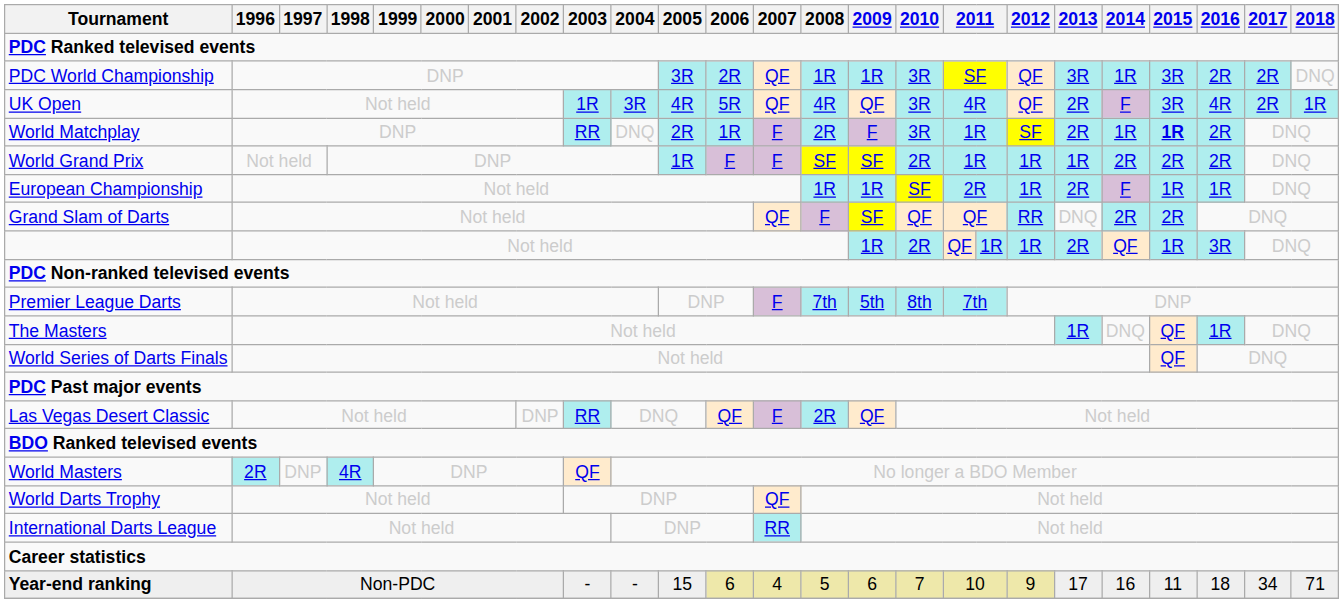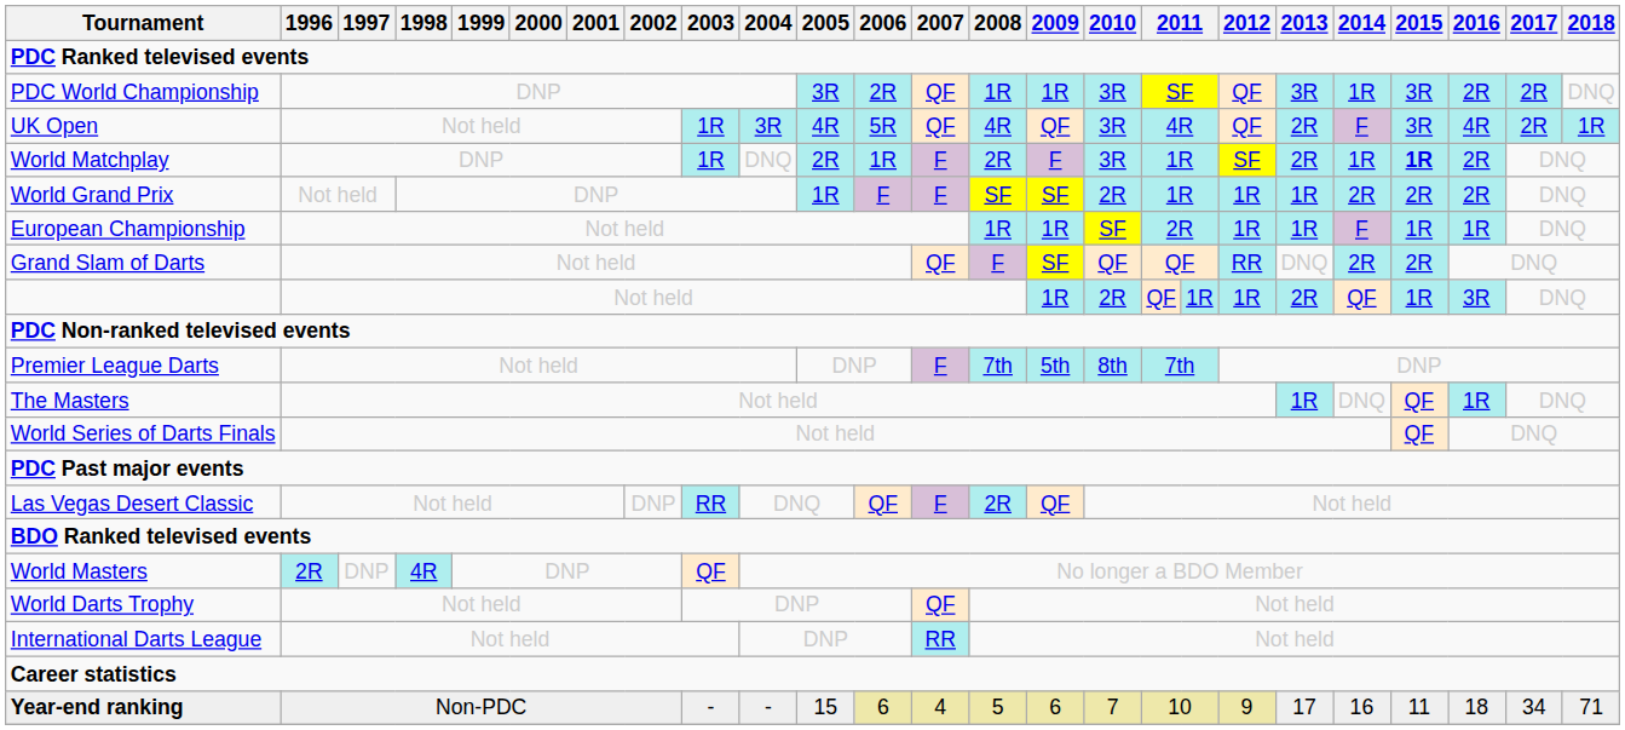 <table class=wikitable style=text-align:center;font-size:88%>
 <tr>
 <th>Tournament</th>
 <th>1996</th>
 <th>1997</th>
 <th>1998</th>
 <th>1999</th>
 <th>2000</th>
 <th>2001</th>
 <th>2002</th>
 <th>2003</th>
 <th>2004</th>
 <th>2005</th>
 <th>2006</th>
 <th>2007</th>
 <th>2008</th>
 <th><a href='#'>2009</a></th>
 <th><a href='#'>2010</a></th>
 <th colspan="2"><a href='#'>2011</a></th>
 <th><a href='#'>2012</a></th>
 <th><a href='#'>2013</a></th>
 <th><a href='#'>2014</a></th>
 <th><a href='#'>2015</a></th>
 <th><a href='#'>2016</a></th>
 <th><a href='#'>2017</a></th>
 <th><a href='#'>2018</a></th>
 </tr>
 <tr>
 <td colspan="25" align="left"><strong><a href='#'>PDC</a> Ranked televised events</strong></td>
 </tr>
 <tr>
 <td align=left><a href='#'>PDC World Championship</a></td>
 <td colspan="9" style="text-align:center; color:#ccc;">DNP</td>
 <td style="text-align:center; background:#afeeee;"><a href='#'>3R</a></td>
 <td style="text-align:center; background:#afeeee;"><a href='#'>2R</a></td>
 <td style="text-align:center; background:#ffebcd;"><a href='#'>QF</a></td>
 <td style="text-align:center; background:#afeeee;"><a href='#'>1R</a></td>
 <td style="text-align:center; background:#afeeee;"><a href='#'>1R</a></td>
 <td style="text-align:center; background:#afeeee;"><a href='#'>3R</a></td>
 <td style="text-align:center; background:yellow;" colspan="2"><a href='#'>SF</a></td>
 <td style="text-align:center; background:#ffebcd;"><a href='#'>QF</a></td>
 <td style="text-align:center; background:#afeeee;"><a href='#'>3R</a></td>
 <td style="text-align:center; background:#afeeee;"><a href='#'>1R</a></td>
 <td style="text-align:center; background:#afeeee;"><a href='#'>3R</a></td>
 <td style="text-align:center; background:#afeeee;"><a href='#'>2R</a></td>
 <td style="text-align:center; background:#afeeee;"><a href='#'>2R</a></td>
 <td style="text-align:center; color:#ccc;">DNQ</td>
 </tr>
 <tr>
 <td align=left><a href='#'>UK Open</a></td>
 <td colspan="7" style="text-align:center; color:#ccc;">Not held</td>
 <td style="text-align:center; background:#afeeee;"><a href='#'>1R</a></td>
 <td style="text-align:center; background:#afeeee;"><a href='#'>3R</a></td>
 <td style="text-align:center; background:#afeeee;"><a href='#'>4R</a></td>
 <td style="text-align:center; background:#afeeee;"><a href='#'>5R</a></td>
 <td style="text-align:center; background:#ffebcd;"><a href='#'>QF</a></td>
 <td style="text-align:center; background:#afeeee;"><a href='#'>4R</a></td>
 <td style="text-align:center; background:#ffebcd;"><a href='#'>QF</a></td>
 <td style="text-align:center; background:#afeeee;"><a href='#'>3R</a></td>
 <td style="text-align:center; background:#afeeee;" colspan="2"><a href='#'>4R</a></td>
 <td style="text-align:center; background:#ffebcd;"><a href='#'>QF</a></td>
 <td style="text-align:center; background:#afeeee;"><a href='#'>2R</a></td>
 <td style="text-align:center; background:thistle;"><a href='#'>F</a></td>
 <td style="text-align:center; background:#afeeee;"><a href='#'>3R</a></td>
 <td style="text-align:center; background:#afeeee;"><a href='#'>4R</a></td>
 <td style="text-align:center; background:#afeeee;"><a href='#'>2R</a></td>
 <td style="text-align:center; background:#afeeee;"><a href='#'>1R</a></td>
 </tr>
 <tr>
 <td align=left><a href='#'>World Matchplay</a></td>
 <td colspan="7" style="text-align:center; color:#ccc;">DNP</td>
-<td style="text-align:center; background:#afeeee;"><a href='#'>RR</a></td>
+<td style="text-align:center; background:#afeeee;"><a href='#'>1R</a></td>
 <td style="text-align:center; color:#ccc;">DNQ</td>
 <td style="text-align:center; background:#afeeee;"><a href='#'>2R</a></td>
 <td style="text-align:center; background:#afeeee;"><a href='#'>1R</a></td>
 <td style="text-align:center; background:thistle;"><a href='#'>F</a></td>
 <td style="text-align:center; background:#afeeee;"><a href='#'>2R</a></td>
 <td style="text-align:center; background:thistle;"><a href='#'>F</a></td>
 <td style="text-align:center; background:#afeeee;"><a href='#'>3R</a></td>
 <td style="text-align:center; background:#afeeee;" colspan="2"><a href='#'>1R</a></td>
 <td style="text-align:center; background:yellow;"><a href='#'>SF</a></td>
 <td style="text-align:center; background:#afeeee;"><a href='#'>2R</a></td>
 <td style="text-align:center; background:#afeeee;"><a href='#'>1R</a></td>
 <td style="text-align:center; background:#afeeee;"><strong><a href='#'>1R</a></strong></td>
 <td style="text-align:center; background:#afeeee;"><a href='#'>2R</a></td>
 <td colspan="2" style="text-align:center; color:#ccc;">DNQ</td>
 </tr>
 <tr>
 <td align=left><a href='#'>World Grand Prix</a></td>
 <td colspan="2" style="text-align:center; color:#ccc;">Not held</td>
 <td colspan="7" style="text-align:center; color:#ccc;">DNP</td>
 <td style="text-align:center; background:#afeeee;"><a href='#'>1R</a></td>
 <td style="text-align:center; background:thistle;"><a href='#'>F</a></td>
 <td style="text-align:center; background:thistle;"><a href='#'>F</a></td>
 <td style="text-align:center; background:yellow;"><a href='#'>SF</a></td>
 <td style="text-align:center; background:yellow;"><a href='#'>SF</a></td>
 <td style="text-align:center; background:#afeeee;"><a href='#'>2R</a></td>
 <td style="text-align:center; background:#afeeee;" colspan="2"><a href='#'>1R</a></td>
 <td style="text-align:center; background:#afeeee;"><a href='#'>1R</a></td>
 <td style="text-align:center; background:#afeeee;"><a href='#'>1R</a></td>
 <td style="text-align:center; background:#afeeee;"><a href='#'>2R</a></td>
 <td style="text-align:center; background:#afeeee;"><a href='#'>2R</a></td>
 <td style="text-align:center; background:#afeeee;"><a href='#'>2R</a></td>
 <td colspan="2" style="text-align:center; color:#ccc;">DNQ</td>
 </tr>
 <tr>
 <td align=left><a href='#'>European Championship</a></td>
 <td colspan="12" style="text-align:center; color:#ccc;">Not held</td>
 <td style="text-align:center; background:#afeeee;"><a href='#'>1R</a></td>
 <td style="text-align:center; background:#afeeee;"><a href='#'>1R</a></td>
 <td style="text-align:center; background:yellow;"><a href='#'>SF</a></td>
 <td style="text-align:center; background:#afeeee;" colspan="2"><a href='#'>2R</a></td>
 <td style="text-align:center; background:#afeeee;"><a href='#'>1R</a></td>
-<td style="text-align:center; background:#afeeee;"><a href='#'>2R</a></td>
+<td style="text-align:center; background:#afeeee;"><a href='#'>1R</a></td>
 <td style="text-align:center; background:thistle;"><a href='#'>F</a></td>
 <td style="text-align:center; background:#afeeee;"><a href='#'>1R</a></td>
 <td style="text-align:center; background:#afeeee;"><a href='#'>1R</a></td>
 <td colspan="2" style="text-align:center; color:#ccc;">DNQ</td>
 </tr>
 <tr>
 <td align=left><a href='#'>Grand Slam of Darts</a></td>
 <td colspan="11" style="text-align:center; color:#ccc;">Not held</td>
 <td style="text-align:center; background:#ffebcd;"><a href='#'>QF</a></td>
 <td style="text-align:center; background:thistle;"><a href='#'>F</a></td>
 <td style="text-align:center; background:yellow;"><a href='#'>SF</a></td>
 <td style="text-align:center; background:#ffebcd;"><a href='#'>QF</a></td>
 <td style="text-align:center; background:#ffebcd;" colspan="2"><a href='#'>QF</a></td>
 <td style="text-align:center; background:#afeeee;"><a href='#'>RR</a></td>
 <td style="text-align:center; color:#ccc;">DNQ</td>
 <td style="text-align:center; background:#afeeee;"><a href='#'>2R</a></td>
 <td style="text-align:center; background:#afeeee;"><a href='#'>2R</a></td>
 <td colspan="3" style="text-align:center; color:#ccc;">DNQ</td>
 </tr>
 <tr>
 <td align=left></td>
 <td colspan="13" style="text-align:center; color:#ccc;">Not held</td>
 <td style="text-align:center; background:#afeeee;"><a href='#'>1R</a></td>
 <td style="text-align:center; background:#afeeee;"><a href='#'>2R</a></td>
 <td style="text-align:center; background:#ffebcd;"><a href='#'>QF</a></td>
 <td style="text-align:center; background:#afeeee;"><a href='#'>1R</a></td>
 <td style="text-align:center; background:#afeeee;"><a href='#'>1R</a></td>
 <td style="text-align:center; background:#afeeee;"><a href='#'>2R</a></td>
 <td style="text-align:center; background:#ffebcd;"><a href='#'>QF</a></td>
 <td style="text-align:center; background:#afeeee;"><a href='#'>1R</a></td>
 <td style="text-align:center; background:#afeeee;"><a href='#'>3R</a></td>
 <td colspan="2" style="text-align:center; color:#ccc;">DNQ</td>
 </tr>
 <tr>
 <td colspan="25" align="left"><strong><a href='#'>PDC</a> Non-ranked televised events</strong></td>
 </tr>
 <tr>
 <td align=left><a href='#'>Premier League Darts</a></td>
 <td colspan="9" style="text-align:center; color:#ccc;">Not held</td>
 <td colspan="2" style="text-align:center; color:#ccc;">DNP</td>
 <td style="text-align:center; background:thistle;"><a href='#'>F</a></td>
 <td style="text-align:center; background:#afeeee;"><a href='#'>7th</a></td>
 <td style="text-align:center; background:#afeeee;"><a href='#'>5th</a></td>
 <td style="text-align:center; background:#afeeee;"><a href='#'>8th</a></td>
 <td style="text-align:center; background:#afeeee;" colspan="2"><a href='#'>7th</a></td>
 <td colspan="7" style="text-align:center; color:#ccc;">DNP</td>
 </tr>
 <tr>
 <td align=left><a href='#'>The Masters</a></td>
 <td colspan="18" style="text-align:center; color:#ccc;">Not held</td>
 <td style="text-align:center; background:#afeeee;"><a href='#'>1R</a></td>
 <td style="text-align:center; color:#ccc;">DNQ</td>
 <td style="text-align:center; background:#ffebcd;"><a href='#'>QF</a></td>
 <td style="text-align:center; background:#afeeee;"><a href='#'>1R</a></td>
 <td colspan="2" style="text-align:center; color:#ccc;">DNQ</td>
 </tr>
 <tr>
 <td align=left><a href='#'>World Series of Darts Finals</a></td>
 <td colspan="20" style="text-align:center; color:#ccc;">Not held</td>
 <td style="text-align:center; background:#ffebcd;"><a href='#'>QF</a></td>
 <td colspan="3" style="text-align:center; color:#ccc;">DNQ</td>
 </tr>
 <tr>
 <td colspan="25" align="left"><strong><a href='#'>PDC</a> Past major events</strong></td>
 </tr>
 <tr>
 <td align=left><a href='#'>Las Vegas Desert Classic</a></td>
 <td colspan="6" style="text-align:center; color:#ccc;">Not held</td>
 <td style="text-align:center; color:#ccc;">DNP</td>
 <td style="text-align:center; background:#afeeee;"><a href='#'>RR</a></td>
 <td colspan="2" style="text-align:center; color:#ccc;">DNQ</td>
 <td style="text-align:center; background:#ffebcd;"><a href='#'>QF</a></td>
 <td style="text-align:center; background:thistle;"><a href='#'>F</a></td>
 <td style="text-align:center; background:#afeeee;"><a href='#'>2R</a></td>
 <td style="text-align:center; background:#ffebcd;"><a href='#'>QF</a></td>
 <td colspan="10" style="text-align:center; color:#ccc;">Not held</td>
 </tr>
 <tr>
 <td colspan="25" align="left"><strong><a href='#'>BDO</a> Ranked televised events</strong></td>
 </tr>
 <tr>
 <td align=left><a href='#'>World Masters</a></td>
 <td style="text-align:center; background:#afeeee;"><a href='#'>2R</a></td>
 <td style="text-align:center; color:#ccc;">DNP</td>
 <td style="text-align:center; background:#afeeee;"><a href='#'>4R</a></td>
 <td colspan="4" style="text-align:center; color:#ccc;">DNP</td>
 <td style="text-align:center; background:#ffebcd;"><a href='#'>QF</a></td>
 <td colspan="16" style="text-align:center; color:#ccc;">No longer a BDO Member</td>
 </tr>
 <tr>
 <td align=left><a href='#'>World Darts Trophy</a></td>
 <td colspan="7" style="text-align:center; color:#ccc;">Not held</td>
 <td colspan="4" style="text-align:center; color:#ccc;">DNP</td>
 <td style="text-align:center; background:#ffebcd;"><a href='#'>QF</a></td>
 <td colspan="12" style="text-align:center; color:#ccc;">Not held</td>
 </tr>
 <tr>
 <td align=left><a href='#'>International Darts League</a></td>
 <td colspan="8" style="text-align:center; color:#ccc;">Not held</td>
 <td colspan="3" style="text-align:center; color:#ccc;">DNP</td>
 <td style="text-align:center; background:#afeeee;"><a href='#'>RR</a></td>
 <td colspan="12" style="text-align:center; color:#ccc;">Not held</td>
 </tr>
 <tr>
 <td colspan="25" align="left"><strong>Career statistics</strong></td>
 </tr>
 <tr bgcolor="efefef">
 <td align="left"><strong>Year-end ranking</strong></td>
 <td colspan="7" style="text-align:center;">Non-PDC</td>
 <td style="text-align:center;">-</td>
 <td style="text-align:center;">-</td>
 <td style="text-align:center;">15</td>
 <td style="text-align:center; background:#eee8aa;">6</td>
 <td style="text-align:center; background:#eee8aa;">4</td>
 <td style="text-align:center; background:#eee8aa;">5</td>
 <td style="text-align:center; background:#eee8aa;">6</td>
 <td style="text-align:center; background:#eee8aa;">7</td>
 <td colspan="2" style="text-align:center; background:#eee8aa;">10</td>
 <td style="text-align:center; background:#eee8aa;">9</td>
 <td style="text-align:center;">17</td>
 <td style="text-align:center;">16</td>
 <td style="text-align:center;">11</td>
 <td style="text-align:center;">18</td>
 <td style="text-align:center;">34</td>
 <td style="text-align:center;">71</td>
 </tr>
 <tr>
 </tr>
 </table>
